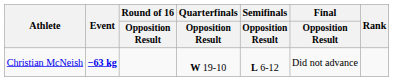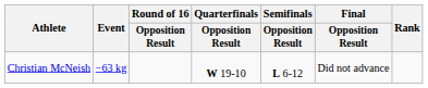 <table class="wikitable" style="font-size:90%;">
 <tr>
 <th rowspan=2>Athlete</th>
 <th rowspan=2>Event</th>
 <th>Round of 16</th>
 <th>Quarterfinals</th>
 <th>Semifinals</th>
 <th>Final</th>
 <th rowspan=2>Rank</th>
 </tr>
 <tr style="font-size:95%">
 <th>Opposition<br>Result</th>
 <th>Opposition<br>Result</th>
 <th>Opposition<br>Result</th>
 <th>Opposition<br>Result</th>
 </tr>
 <tr align=center>
 <td align=left><a href='#'>Christian McNeish</a></td>
-<td align=left><strong><a href='#'>−63 kg</a></strong></td>
+<td align=left><a href='#'>−63 kg</a></td>
 <td></td>
 <td> <br><strong>W</strong> 19-10</td>
 <td> <br><strong>L</strong> 6-12</td>
 <td>Did not advance</td>
 <td></td>
 </tr>
 </table>
